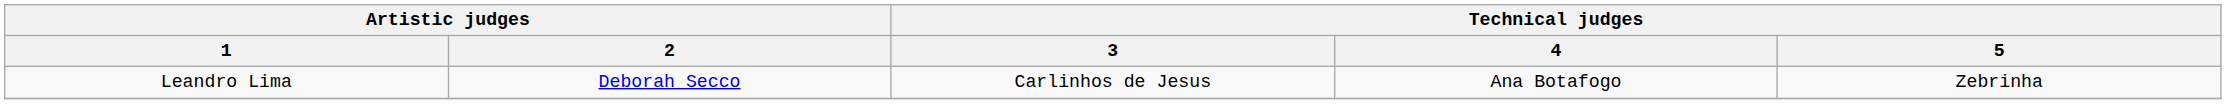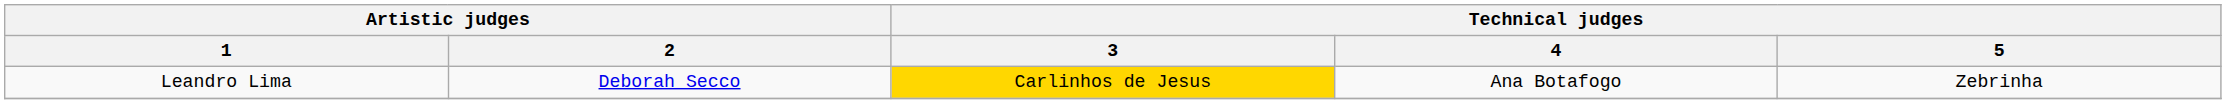 <table class="wikitable" style="font-size:100%; line-height:16px; text-align:center" width="100%">
 <tr>
 <th colspan=2>Artistic judges</th>
 <th colspan=3>Technical judges</th>
 </tr>
 <tr>
 <th width="20.0%">1</th>
 <th width="20.0%">2</th>
 <th width="20.0%">3</th>
 <th width="20.0%">4</th>
 <th width="20.0%">5</th>
 </tr>
 <tr>
 <td>Leandro Lima</td>
 <td><a href='#'>Deborah Secco</a></td>
-<td>Carlinhos de Jesus</td>
+<td style="background: gold;">Carlinhos de Jesus</td>
 <td>Ana Botafogo</td>
 <td>Zebrinha</td>
 </tr>
 <tr>
 </tr>
 </table>
